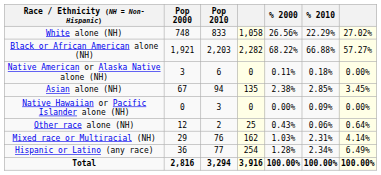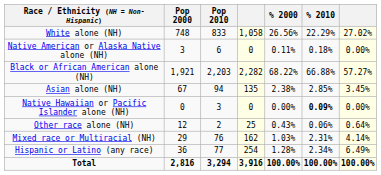 <table class="wikitable" style="text-align:center;">
 <tr>
 <th>Race / Ethnicity <small>(<em>NH = Non-Hispanic</em>)</small></th>
 <th>Pop 2000</th>
 <th>Pop 2010</th>
 <th></th>
 <th>% 2000</th>
 <th>% 2010</th>
 <th></th>
 </tr>
 <tr>
 <td><a href='#'>White</a> alone (NH)</td>
 <td>748</td>
 <td>833</td>
 <td style='background: #ffffe6;'>1,058</td>
 <td>26.56%</td>
 <td>22.29%</td>
 <td style='background: #ffffe6;'>27.02%</td>
 </tr>
 <tr>
+<td><a href='#'>Native American</a> or <a href='#'>Alaska Native</a> alone (NH)</td>
+<td>3</td>
+<td>6</td>
+<td style='background: #ffffe6;'>0</td>
+<td>0.11%</td>
+<td>0.18%</td>
+<td style='background: #ffffe6;'>0.00%</td>
+</tr>
+<tr>
 <td><a href='#'>Black or African American</a> alone (NH)</td>
 <td>1,921</td>
 <td>2,203</td>
 <td style='background: #ffffe6;'>2,282</td>
 <td>68.22%</td>
 <td>66.88%</td>
 <td style='background: #ffffe6;'>57.27%</td>
-</tr>
-<tr>
-<td><a href='#'>Native American</a> or <a href='#'>Alaska Native</a> alone (NH)</td>
-<td>3</td>
-<td>6</td>
-<td style='background: #ffffe6;'>0</td>
-<td>0.11%</td>
-<td>0.18%</td>
-<td style='background: #ffffe6;'>0.00%</td>
 </tr>
 <tr>
 <td><a href='#'>Asian</a> alone (NH)</td>
 <td>67</td>
 <td>94</td>
 <td style='background: #ffffe6;'>135</td>
 <td>2.38%</td>
 <td>2.85%</td>
 <td style='background: #ffffe6;'>3.45%</td>
 </tr>
 <tr>
 <td><a href='#'>Native Hawaiian</a> or <a href='#'>Pacific Islander</a> alone (NH)</td>
 <td>0</td>
 <td>3</td>
 <td style='background: #ffffe6;'>0</td>
 <td>0.00%</td>
-<td>0.09%</td>
+<td><strong>0.09%</strong></td>
 <td style='background: #ffffe6;'>0.00%</td>
 </tr>
 <tr>
 <td><a href='#'>Other race</a> alone (NH)</td>
 <td>12</td>
 <td>2</td>
 <td style='background: #ffffe6;'>25</td>
 <td>0.43%</td>
 <td>0.06%</td>
 <td style='background: #ffffe6;'>0.64%</td>
 </tr>
 <tr>
 <td><a href='#'>Mixed race or Multiracial</a> (NH)</td>
 <td>29</td>
 <td>76</td>
 <td style='background: #ffffe6;'>162</td>
 <td>1.03%</td>
 <td>2.31%</td>
 <td style='background: #ffffe6;'>4.14%</td>
 </tr>
 <tr>
 <td><a href='#'>Hispanic or Latino</a> (any race)</td>
 <td>36</td>
 <td>77</td>
 <td style='background: #ffffe6;'>254</td>
 <td>1.28%</td>
 <td>2.34%</td>
 <td style='background: #ffffe6;'>6.49%</td>
 </tr>
 <tr>
 <td><strong>Total</strong></td>
 <td><strong>2,816</strong></td>
 <td><strong>3,294</strong></td>
 <td style='background: #ffffe6;'><strong>3,916</strong></td>
 <td><strong>100.00%</strong></td>
 <td><strong>100.00%</strong></td>
 <td style='background: #ffffe6;'><strong>100.00%</strong></td>
 </tr>
 </table>
